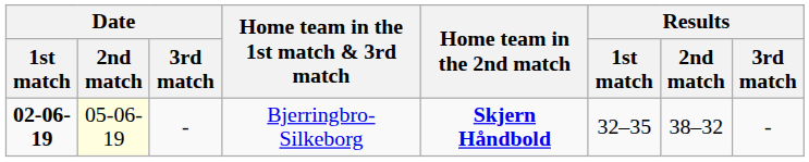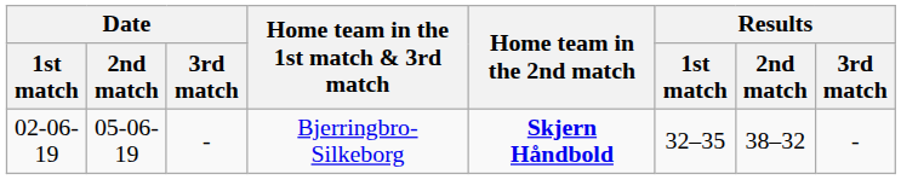 <table class="wikitable" style="text-align:center; margin-left:1em;">
 <tr>
 <th colspan="3">Date</th>
 <th rowspan="2" style="width:220px;">Home team in the 1st match & 3rd match</th>
 <th rowspan="2" style="width:180px;">Home team in the 2nd match</th>
 <th colspan="3">Results</th>
 </tr>
 <tr>
 <th style="width:50px;">1st match</th>
 <th style="width:50px;">2nd match</th>
 <th style="width:50px;">3rd match</th>
 <th style="width:50px;">1st match</th>
 <th style="width:50px;">2nd match</th>
 <th style="width:50px;">3rd match</th>
 </tr>
 <tr>
-<td><strong>02-06-19</strong></td>
-<td style="background: lightyellow;">05-06-19</td>
+<td>02-06-19</td>
+<td>05-06-19</td>
 <td>-</td>
 <td><a href='#'>Bjerringbro-Silkeborg</a></td>
 <td><strong><a href='#'>Skjern Håndbold</a></strong></td>
 <td>32–35</td>
 <td>38–32</td>
 <td>-</td>
 </tr>
 </table>
